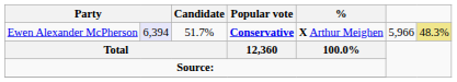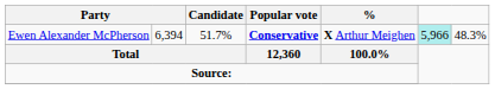 <table class="wikitable">
 <tr>
 <th colspan="2">Party</th>
 <th>Candidate</th>
 <th>Popular vote</th>
 <th>%</th>
 </tr>
 <tr>
 <td> <a href='#'>Ewen Alexander McPherson</a></td>
-<td align=center style="background: lavender;">6,394</td>
+<td align=center>6,394</td>
 <td align=center>51.7%<br></td>
 <td><strong><a href='#'>Conservative</a></strong></td>
 <td><strong>X</strong> <a href='#'>Arthur Meighen</a></td>
-<td align=center>5,966</td>
-<td align=center style="background: khaki;">48.3%</td>
+<td align=center style="background: paleturquoise;">5,966</td>
+<td align=center>48.3%</td>
 </tr>
 <tr>
 <th colspan=3 align=center>Total</th>
 <th align=center>12,360</th>
 <th align=center>100.0%</th>
 </tr>
 <tr>
 <td align="center" colspan=5><strong>Source:</strong> </td>
 </tr>
 <tr>
 </tr>
 </table>
